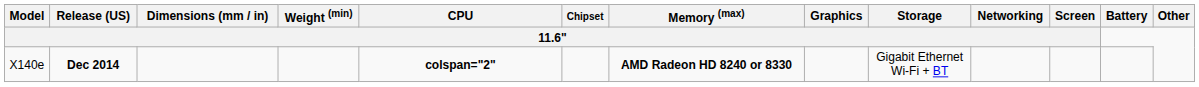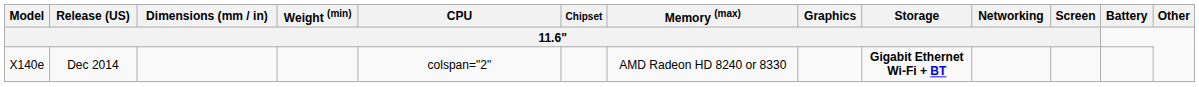 <table class="wikitable" style="font-size: 80%; text-align: center; min-width: 80%;">
 <tr>
 <th>Model</th>
 <th>Release (US)</th>
 <th>Dimensions (mm / in)</th>
 <th>Weight <sup>(min)</sup></th>
 <th style="width:17%">CPU</th>
 <th><small>Chipset</small></th>
 <th>Memory <sup>(max)</sup></th>
 <th>Graphics</th>
 <th>Storage</th>
 <th>Networking</th>
 <th>Screen</th>
 <th>Battery</th>
 <th>Other</th>
 </tr>
 <tr>
 <th colspan=11.6>11.6"</th>
 </tr>
 <tr>
 <td>X140e </td>
-<td><strong>Dec 2014</strong></td>
+<td>Dec 2014</td>
 <td></td>
 <td></td>
-<td><strong>colspan="2" </strong></td>
+<td>colspan="2" </td>
 <td></td>
-<td style="background:"><strong>AMD Radeon HD 8240 or 8330</strong></td>
+<td style="background:">AMD Radeon HD 8240 or 8330</td>
 <td></td>
-<td>Gigabit Ethernet<br>Wi-Fi + <a href='#'>BT</a></td>
+<td><strong>Gigabit Ethernet<br>Wi-Fi + <a href='#'>BT</a></strong></td>
 <td></td>
 <td></td>
 <td></td>
 </tr>
 </table>
